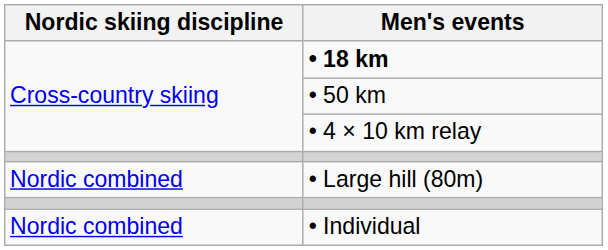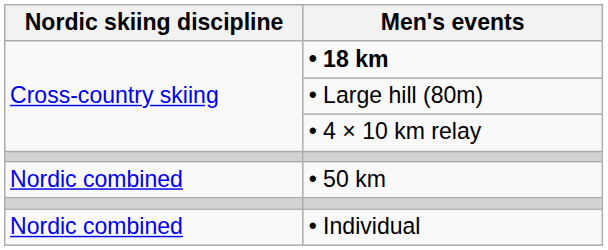 <table class="wikitable">
 <tr>
 <th width=200!>Nordic skiing discipline</th>
 <th width=200!>Men's events</th>
 </tr>
 <tr>
 <td rowspan=3><a href='#'>Cross-country skiing</a></td>
 <td><strong>• 18 km</strong></td>
 </tr>
 <tr>
-<td>• 50 km</td>
+<td>• Large hill (80m)</td>
 </tr>
 <tr>
 <td>• 4 × 10 km relay</td>
 </tr>
 <tr bgcolor=lightgray>
 <td></td>
 <td></td>
 </tr>
 <tr>
 <td><a href='#'>Nordic combined</a></td>
-<td>• Large hill (80m)</td>
+<td>• 50 km</td>
 </tr>
 <tr bgcolor=lightgray>
 <td></td>
 <td></td>
 </tr>
 <tr>
 <td><a href='#'>Nordic combined</a></td>
 <td>• Individual</td>
 </tr>
 </table>
